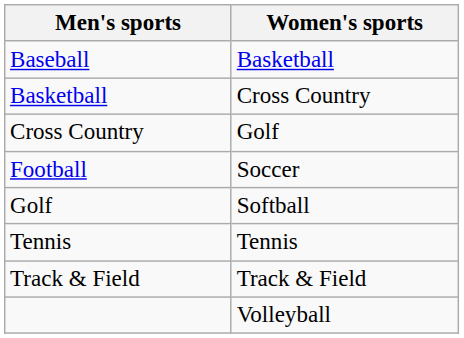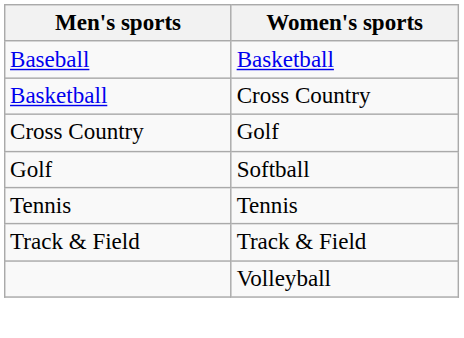 <table class="wikitable"; style= "text-align: ">
 <tr>
 <th width=150px>Men's sports</th>
 <th width=150px>Women's sports</th>
 </tr>
 <tr>
 <td><a href='#'>Baseball</a></td>
 <td><a href='#'>Basketball</a></td>
 </tr>
 <tr>
 <td><a href='#'>Basketball</a></td>
 <td>Cross Country</td>
 </tr>
 <tr>
 <td>Cross Country</td>
 <td>Golf</td>
 </tr>
 <tr>
-<td><a href='#'>Football</a></td>
-<td>Soccer</td>
-</tr>
-<tr>
 <td>Golf</td>
 <td>Softball</td>
 </tr>
 <tr>
 <td>Tennis</td>
 <td>Tennis</td>
 </tr>
 <tr>
 <td>Track & Field</td>
 <td>Track & Field</td>
 </tr>
 <tr>
 <td></td>
 <td>Volleyball</td>
 </tr>
 </table>
